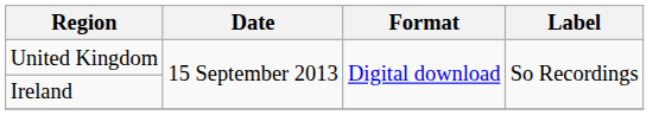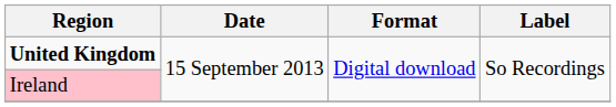 <table class="wikitable">
 <tr>
 <th>Region</th>
 <th>Date</th>
 <th>Format</th>
 <th>Label</th>
 </tr>
 <tr>
-<td>United Kingdom</td>
+<td><strong>United Kingdom</strong></td>
 <td rowspan="2">15 September 2013</td>
 <td rowspan="2"><a href='#'>Digital download</a></td>
 <td rowspan="2">So Recordings</td>
 </tr>
 <tr>
-<td>Ireland</td>
+<td style="background: pink;">Ireland</td>
 </tr>
 <tr>
 </tr>
 </table>
